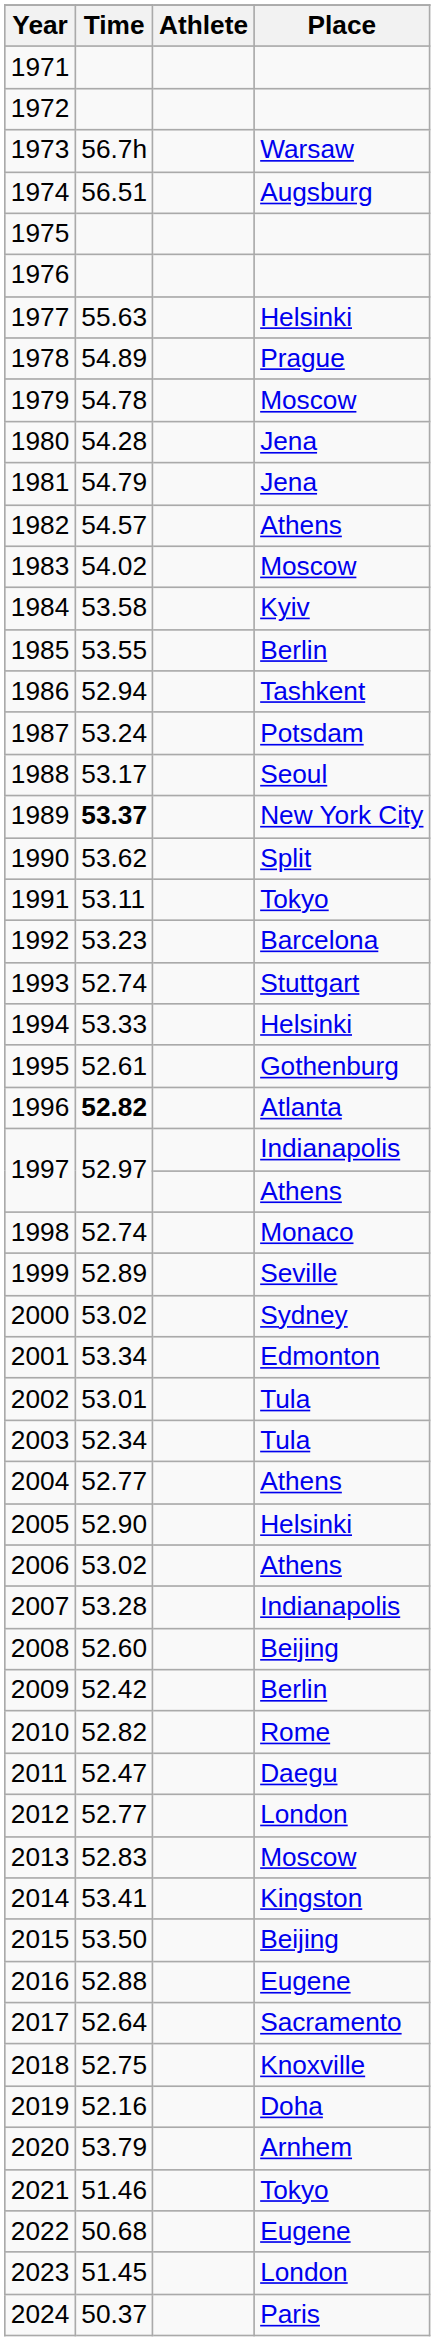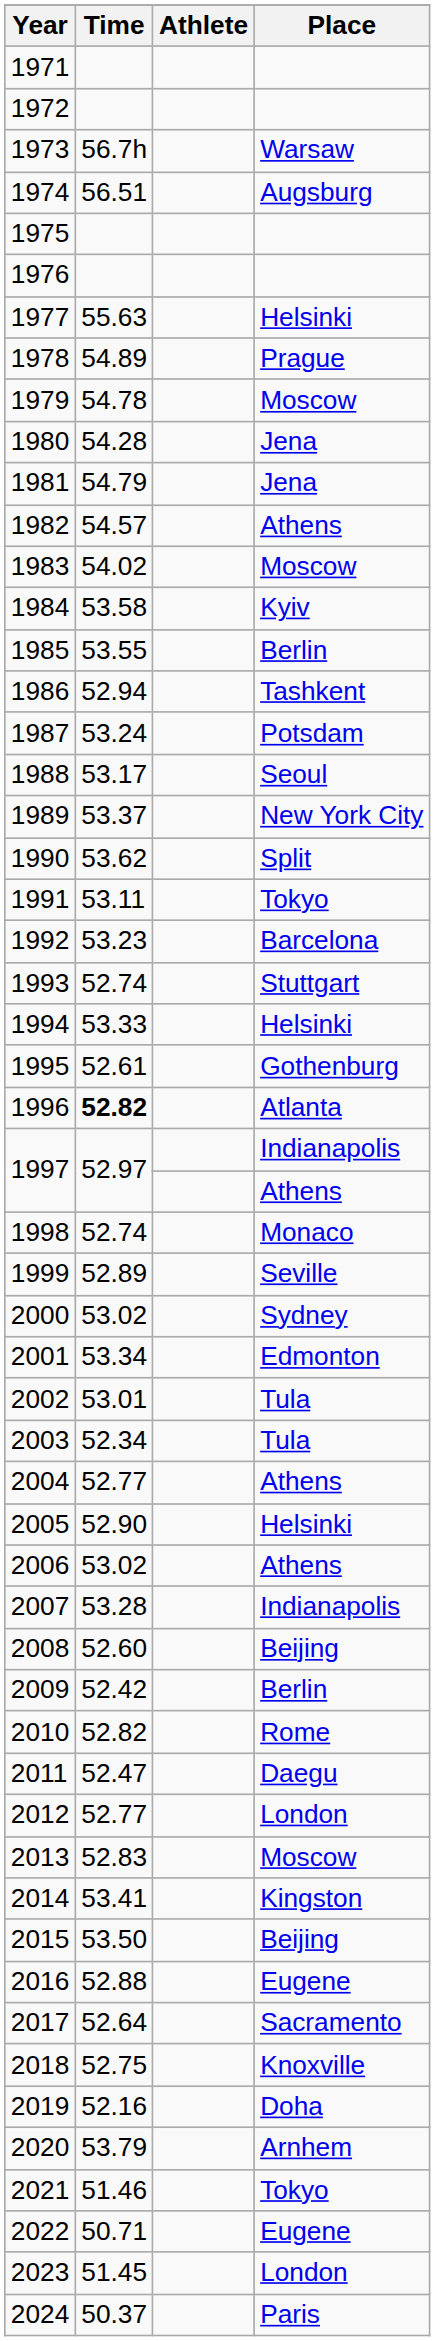 <table class="wikitable sortable" style="font-size:100%; display:inline-table;">
 <tr>
 </tr>
 <tr>
 <th>Year</th>
 <th>Time</th>
 <th>Athlete</th>
 <th>Place</th>
 </tr>
 <tr>
 <td>1971</td>
 <td></td>
 <td></td>
 <td></td>
 </tr>
 <tr>
 <td>1972</td>
 <td></td>
 <td></td>
 <td></td>
 </tr>
 <tr>
 <td>1973</td>
 <td>56.7h</td>
 <td align=left></td>
 <td><a href='#'>Warsaw</a></td>
 </tr>
 <tr>
 <td>1974</td>
 <td>56.51</td>
 <td align=left></td>
 <td><a href='#'>Augsburg</a></td>
 </tr>
 <tr>
 <td>1975</td>
 <td></td>
 <td></td>
 <td></td>
 </tr>
 <tr>
 <td>1976</td>
 <td></td>
 <td></td>
 <td></td>
 </tr>
 <tr>
 <td>1977</td>
 <td>55.63</td>
 <td align=left></td>
 <td><a href='#'>Helsinki</a></td>
 </tr>
 <tr>
 <td>1978</td>
 <td>54.89</td>
 <td align=left></td>
 <td><a href='#'>Prague</a></td>
 </tr>
 <tr>
 <td>1979</td>
 <td>54.78</td>
 <td align=left></td>
 <td><a href='#'>Moscow</a></td>
 </tr>
 <tr>
 <td>1980</td>
 <td>54.28</td>
 <td align=left></td>
 <td><a href='#'>Jena</a></td>
 </tr>
 <tr>
 <td>1981</td>
 <td>54.79</td>
 <td align=left></td>
 <td><a href='#'>Jena</a></td>
 </tr>
 <tr>
 <td>1982</td>
 <td>54.57</td>
 <td align=left></td>
 <td><a href='#'>Athens</a></td>
 </tr>
 <tr>
 <td>1983</td>
 <td>54.02</td>
 <td align=left></td>
 <td><a href='#'>Moscow</a></td>
 </tr>
 <tr>
 <td>1984</td>
 <td>53.58</td>
 <td align=left></td>
 <td><a href='#'>Kyiv</a></td>
 </tr>
 <tr>
 <td>1985</td>
 <td>53.55</td>
 <td align=left></td>
 <td><a href='#'>Berlin</a></td>
 </tr>
 <tr>
 <td>1986</td>
 <td>52.94</td>
 <td align=left></td>
 <td><a href='#'>Tashkent</a></td>
 </tr>
 <tr>
 <td>1987</td>
 <td>53.24</td>
 <td align=left></td>
 <td><a href='#'>Potsdam</a></td>
 </tr>
 <tr>
 <td>1988</td>
 <td>53.17</td>
 <td align=left></td>
 <td><a href='#'>Seoul</a></td>
 </tr>
 <tr>
 <td>1989</td>
-<td><strong>53.37</strong></td>
+<td>53.37</td>
 <td align=left></td>
 <td><a href='#'>New York City</a></td>
 </tr>
 <tr>
 <td>1990</td>
 <td>53.62</td>
 <td align=left></td>
 <td><a href='#'>Split</a></td>
 </tr>
 <tr>
 <td>1991</td>
 <td>53.11</td>
 <td align=left></td>
 <td><a href='#'>Tokyo</a></td>
 </tr>
 <tr>
 <td>1992</td>
 <td>53.23</td>
 <td align=left></td>
 <td><a href='#'>Barcelona</a></td>
 </tr>
 <tr>
 <td>1993</td>
 <td>52.74</td>
 <td align=left></td>
 <td><a href='#'>Stuttgart</a></td>
 </tr>
 <tr>
 <td>1994</td>
 <td>53.33</td>
 <td align=left></td>
 <td><a href='#'>Helsinki</a></td>
 </tr>
 <tr>
 <td>1995</td>
 <td>52.61</td>
 <td align=left></td>
 <td><a href='#'>Gothenburg</a></td>
 </tr>
 <tr>
 <td>1996</td>
 <td><strong>52.82</strong></td>
 <td align=left></td>
 <td><a href='#'>Atlanta</a></td>
 </tr>
 <tr>
 <td rowspan=2>1997</td>
 <td rowspan=2>52.97</td>
 <td align=left></td>
 <td><a href='#'>Indianapolis</a></td>
 </tr>
 <tr>
 <td align=left></td>
 <td><a href='#'>Athens</a></td>
 </tr>
 <tr>
 <td>1998</td>
 <td>52.74</td>
 <td align=left></td>
 <td><a href='#'>Monaco</a></td>
 </tr>
 <tr>
 <td>1999</td>
 <td>52.89</td>
 <td align=left></td>
 <td><a href='#'>Seville</a></td>
 </tr>
 <tr>
 <td>2000</td>
 <td>53.02</td>
 <td align=left></td>
 <td><a href='#'>Sydney</a></td>
 </tr>
 <tr>
 <td>2001</td>
 <td>53.34</td>
 <td align=left></td>
 <td><a href='#'>Edmonton</a></td>
 </tr>
 <tr>
 <td>2002</td>
 <td>53.01</td>
 <td align=left></td>
 <td><a href='#'>Tula</a></td>
 </tr>
 <tr>
 <td>2003</td>
 <td>52.34</td>
 <td align=left></td>
 <td><a href='#'>Tula</a></td>
 </tr>
 <tr>
 <td>2004</td>
 <td>52.77</td>
 <td align=left></td>
 <td><a href='#'>Athens</a></td>
 </tr>
 <tr>
 <td>2005</td>
 <td>52.90</td>
 <td align=left></td>
 <td><a href='#'>Helsinki</a></td>
 </tr>
 <tr>
 <td>2006</td>
 <td>53.02</td>
 <td align=left></td>
 <td><a href='#'>Athens</a></td>
 </tr>
 <tr>
 <td>2007</td>
 <td>53.28</td>
 <td align=left></td>
 <td><a href='#'>Indianapolis</a></td>
 </tr>
 <tr>
 <td>2008</td>
 <td>52.60</td>
 <td align=left></td>
 <td><a href='#'>Beijing</a></td>
 </tr>
 <tr>
 <td>2009</td>
 <td>52.42</td>
 <td align=left></td>
 <td><a href='#'>Berlin</a></td>
 </tr>
 <tr>
 <td>2010</td>
 <td>52.82</td>
 <td align=left></td>
 <td><a href='#'>Rome</a></td>
 </tr>
 <tr>
 <td>2011</td>
 <td>52.47</td>
 <td align=left></td>
 <td><a href='#'>Daegu</a></td>
 </tr>
 <tr>
 <td>2012</td>
 <td>52.77</td>
 <td align=left></td>
 <td><a href='#'>London</a></td>
 </tr>
 <tr>
 <td>2013</td>
 <td>52.83</td>
 <td align=left></td>
 <td><a href='#'>Moscow</a></td>
 </tr>
 <tr>
 <td>2014</td>
 <td>53.41</td>
 <td align=left></td>
 <td><a href='#'>Kingston</a></td>
 </tr>
 <tr>
 <td>2015</td>
 <td>53.50</td>
 <td align=left></td>
 <td><a href='#'>Beijing</a></td>
 </tr>
 <tr>
 <td>2016</td>
 <td>52.88</td>
 <td align=left></td>
 <td><a href='#'>Eugene</a></td>
 </tr>
 <tr>
 <td>2017</td>
 <td>52.64</td>
 <td align=left></td>
 <td><a href='#'>Sacramento</a></td>
 </tr>
 <tr>
 <td>2018</td>
 <td>52.75</td>
 <td align=left></td>
 <td><a href='#'>Knoxville</a></td>
 </tr>
 <tr>
 <td>2019</td>
 <td>52.16</td>
 <td align=left></td>
 <td><a href='#'>Doha</a></td>
 </tr>
 <tr>
 <td>2020</td>
 <td>53.79</td>
 <td align=left></td>
 <td><a href='#'>Arnhem</a></td>
 </tr>
 <tr>
 <td>2021</td>
 <td>51.46</td>
 <td align=left></td>
 <td><a href='#'>Tokyo</a></td>
 </tr>
 <tr>
 <td>2022</td>
-<td>50.68</td>
+<td>50.71</td>
 <td align=left></td>
 <td><a href='#'>Eugene</a></td>
 </tr>
 <tr>
 <td>2023</td>
 <td>51.45</td>
 <td align=left></td>
 <td><a href='#'>London</a></td>
 </tr>
 <tr>
 <td>2024</td>
 <td>50.37</td>
 <td align=left></td>
 <td><a href='#'> Paris</a></td>
 </tr>
 </table>
